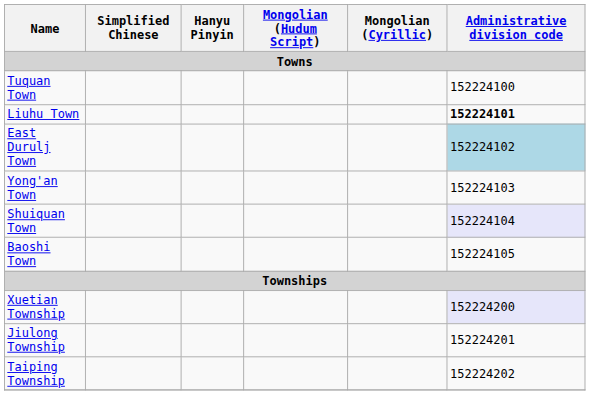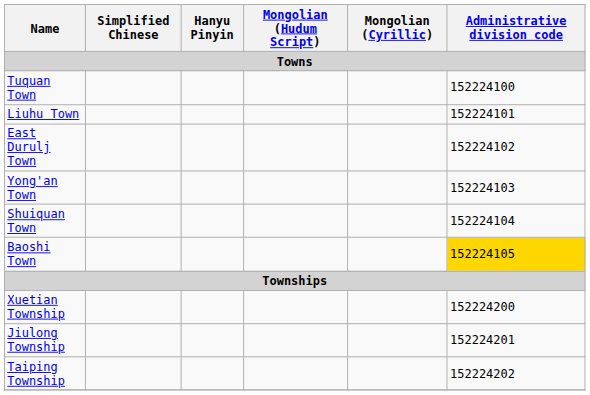 <table class="wikitable" align="center" style="width:50%; border="1">
 <tr>
 <th>Name</th>
 <th>Simplified Chinese</th>
 <th>Hanyu Pinyin</th>
 <th><a href='#'>Mongolian</a> (<a href='#'>Hudum Script</a>)</th>
 <th>Mongolian (<a href='#'>Cyrillic</a>)</th>
 <th><a href='#'>Administrative division code</a></th>
 </tr>
 <tr>
 <td colspan="6"  style="text-align:center; background:#d3d3d3;"><strong>Towns</strong></td>
 </tr>
 <tr --------->
 <td><a href='#'>Tuquan Town</a></td>
 <td></td>
 <td></td>
 <td></td>
 <td></td>
 <td>152224100</td>
 </tr>
 <tr>
 <td><a href='#'>Liuhu Town</a></td>
 <td></td>
 <td></td>
 <td></td>
 <td></td>
-<td><strong>152224101</strong></td>
+<td>152224101</td>
 </tr>
 <tr>
 <td><a href='#'>East Durulj Town</a></td>
 <td></td>
 <td></td>
 <td></td>
 <td></td>
-<td style="background: lightblue;">152224102</td>
+<td>152224102</td>
 </tr>
 <tr>
 <td><a href='#'>Yong'an Town</a></td>
 <td></td>
 <td></td>
 <td></td>
 <td></td>
 <td>152224103</td>
 </tr>
 <tr>
 <td><a href='#'>Shuiquan Town</a></td>
 <td></td>
 <td></td>
 <td></td>
 <td></td>
-<td style="background: lavender;">152224104</td>
+<td>152224104</td>
 </tr>
 <tr>
 <td><a href='#'>Baoshi Town</a></td>
 <td></td>
 <td></td>
 <td></td>
 <td></td>
-<td>152224105</td>
+<td style="background: gold;">152224105</td>
 </tr>
 <tr>
 <td colspan="6"  style="text-align:center; background:#d3d3d3;"><strong>Townships</strong></td>
 </tr>
 <tr --------->
 <td><a href='#'>Xuetian Township</a></td>
 <td></td>
 <td></td>
 <td></td>
 <td></td>
-<td style="background: lavender;">152224200</td>
+<td>152224200</td>
 </tr>
 <tr>
 <td><a href='#'>Jiulong Township</a></td>
 <td></td>
 <td></td>
 <td></td>
 <td></td>
 <td>152224201</td>
 </tr>
 <tr>
 <td><a href='#'>Taiping Township</a></td>
 <td></td>
 <td></td>
 <td></td>
 <td></td>
 <td>152224202</td>
 </tr>
 <tr>
 </tr>
 </table>
